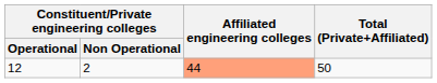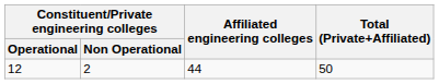 <table class="wikitable">
 <tr>
 <th colspan="2">Constituent/Private<br>engineering colleges</th>
 <th rowspan="2">Affiliated<br>engineering colleges</th>
 <th rowspan="2">Total<br>(Private+Affiliated)</th>
 </tr>
 <tr>
 <th>Operational</th>
 <th>Non Operational</th>
 </tr>
 <tr>
 <td>12</td>
 <td>2</td>
-<td style="background: lightsalmon;">44</td>
+<td>44</td>
 <td>50</td>
 </tr>
 </table>
